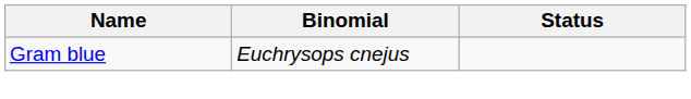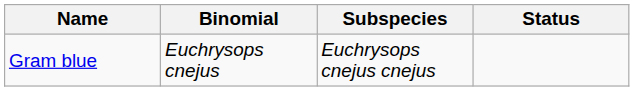 <table width=60% class="wikitable">
 <tr>
 <th width=20%>Name</th>
 <th width=20%>Binomial</th>
+<th width=20%>Subspecies</th>
 <th width=20%>Status</th>
 </tr>
 <tr>
 <td><a href='#'>Gram blue</a><br>   </td>
 <td><em>Euchrysops cnejus</em></td>
+<td><em>Euchrysops cnejus cnejus</em></td>
 <td></td>
 </tr>
 </table>
